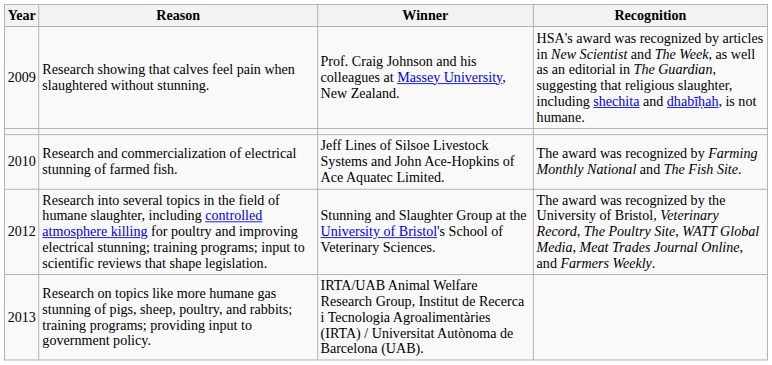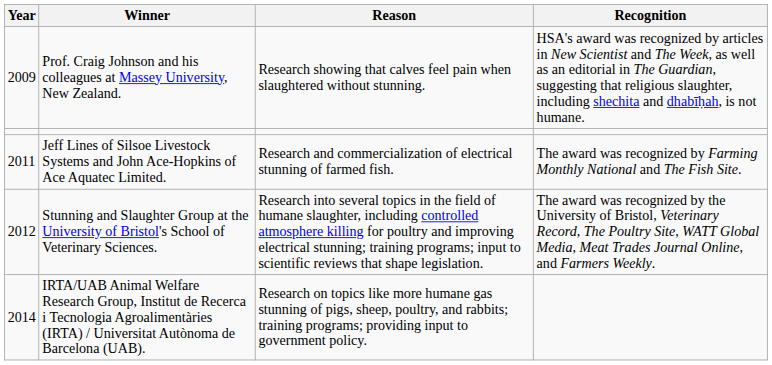 <table class="wikitable" style="width: auto; clear:both;">
 <tr>
 <th>Year</th>
+<th>Winner</th>
 <th>Reason</th>
-<th>Winner</th>
 <th>Recognition</th>
 </tr>
 <tr>
 <td>2009</td>
+<td>Prof. Craig Johnson and his colleagues at <a href='#'>Massey University</a>, New Zealand.</td>
 <td>Research showing that calves feel pain when slaughtered without stunning.</td>
-<td>Prof. Craig Johnson and his colleagues at <a href='#'>Massey University</a>, New Zealand.</td>
 <td>HSA's award was recognized by articles in <em>New Scientist</em> and <em>The Week</em>, as well as an editorial in <em>The Guardian</em>, suggesting that religious slaughter, including <a href='#'>shechita</a> and <a href='#'>dhabīḥah</a>, is not humane.</td>
 </tr>
 <tr>
 <td></td>
 <td></td>
 <td></td>
 <td></td>
 </tr>
 <tr>
-<td>2010</td>
+<td>2011</td>
+<td>Jeff Lines of Silsoe Livestock Systems and John Ace-Hopkins of Ace Aquatec Limited.</td>
 <td>Research and commercialization of electrical stunning of farmed fish.</td>
-<td>Jeff Lines of Silsoe Livestock Systems and John Ace-Hopkins of Ace Aquatec Limited.</td>
 <td>The award was recognized by <em>Farming Monthly National</em> and <em>The Fish Site</em>.</td>
 </tr>
 <tr>
 <td>2012</td>
+<td>Stunning and Slaughter Group at the <a href='#'>University of Bristol</a>'s School of Veterinary Sciences.</td>
 <td>Research into several topics in the field of humane slaughter, including <a href='#'>controlled atmosphere killing</a> for poultry and improving electrical stunning; training programs; input to scientific reviews that shape legislation.</td>
-<td>Stunning and Slaughter Group at the <a href='#'>University of Bristol</a>'s School of Veterinary Sciences.</td>
 <td>The award was recognized by the University of Bristol, <em>Veterinary Record</em>, <em>The Poultry Site</em>, <em>WATT Global Media</em>, <em>Meat Trades Journal Online</em>, and <em>Farmers Weekly</em>.</td>
 </tr>
 <tr>
-<td>2013</td>
+<td>2014</td>
+<td>IRTA/UAB Animal Welfare Research Group, Institut de Recerca i Tecnologia Agroalimentàries (IRTA) / Universitat Autònoma de Barcelona (UAB).</td>
 <td>Research on topics like more humane gas stunning of pigs, sheep, poultry, and rabbits; training programs; providing input to government policy.</td>
-<td>IRTA/UAB Animal Welfare Research Group, Institut de Recerca i Tecnologia Agroalimentàries (IRTA) / Universitat Autònoma de Barcelona (UAB).</td>
 <td></td>
 </tr>
 </table>
